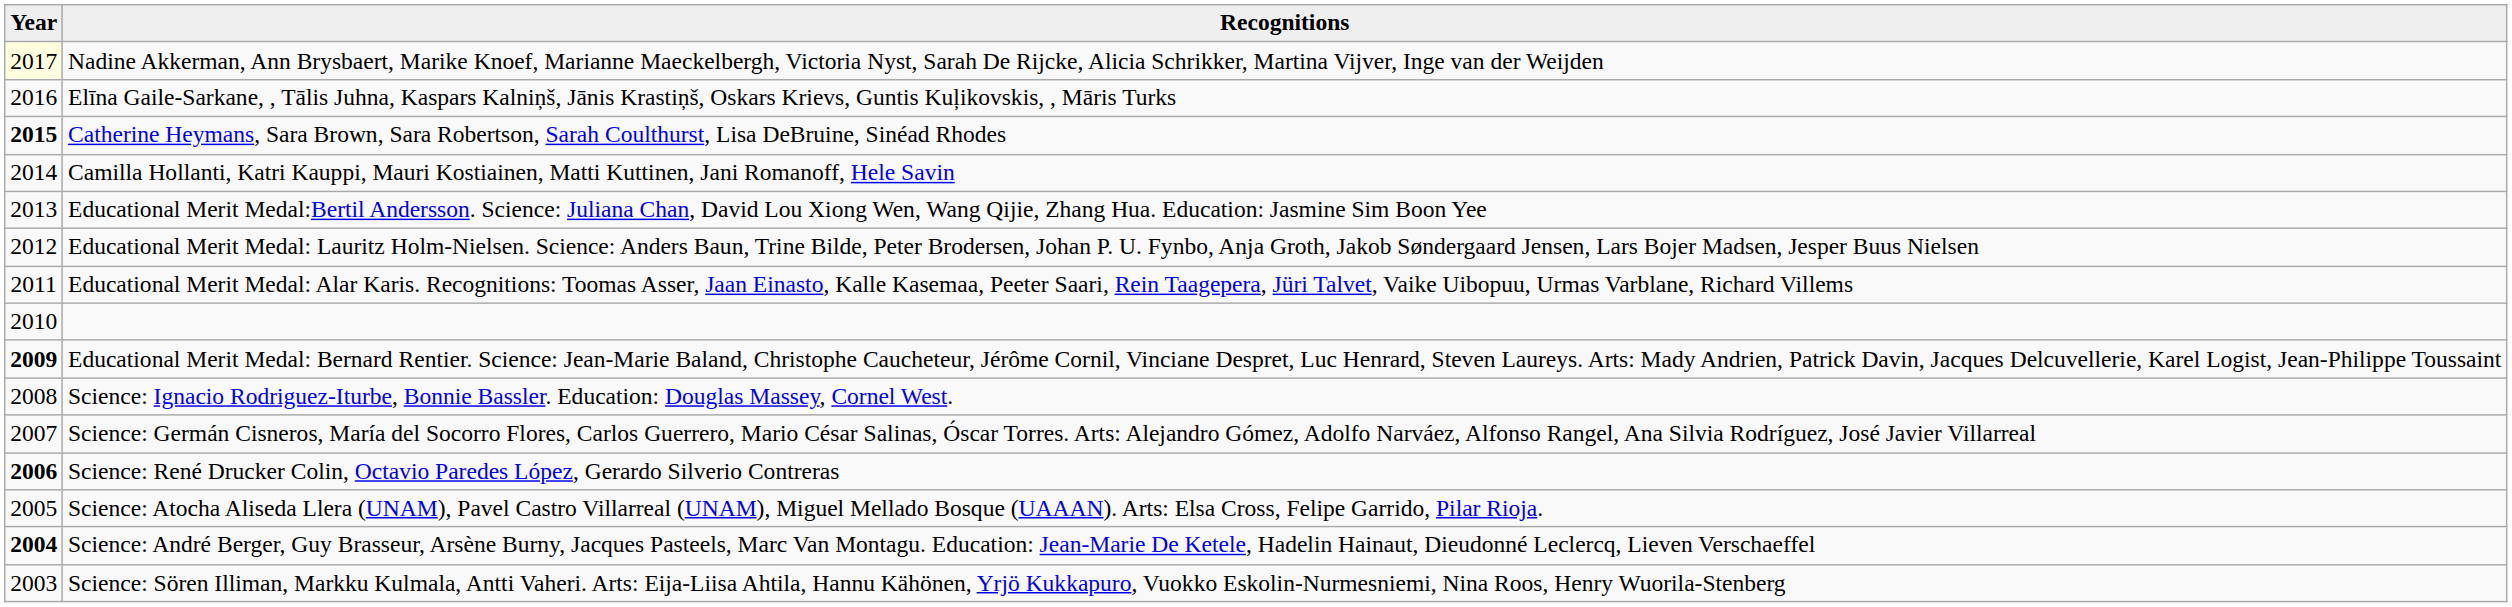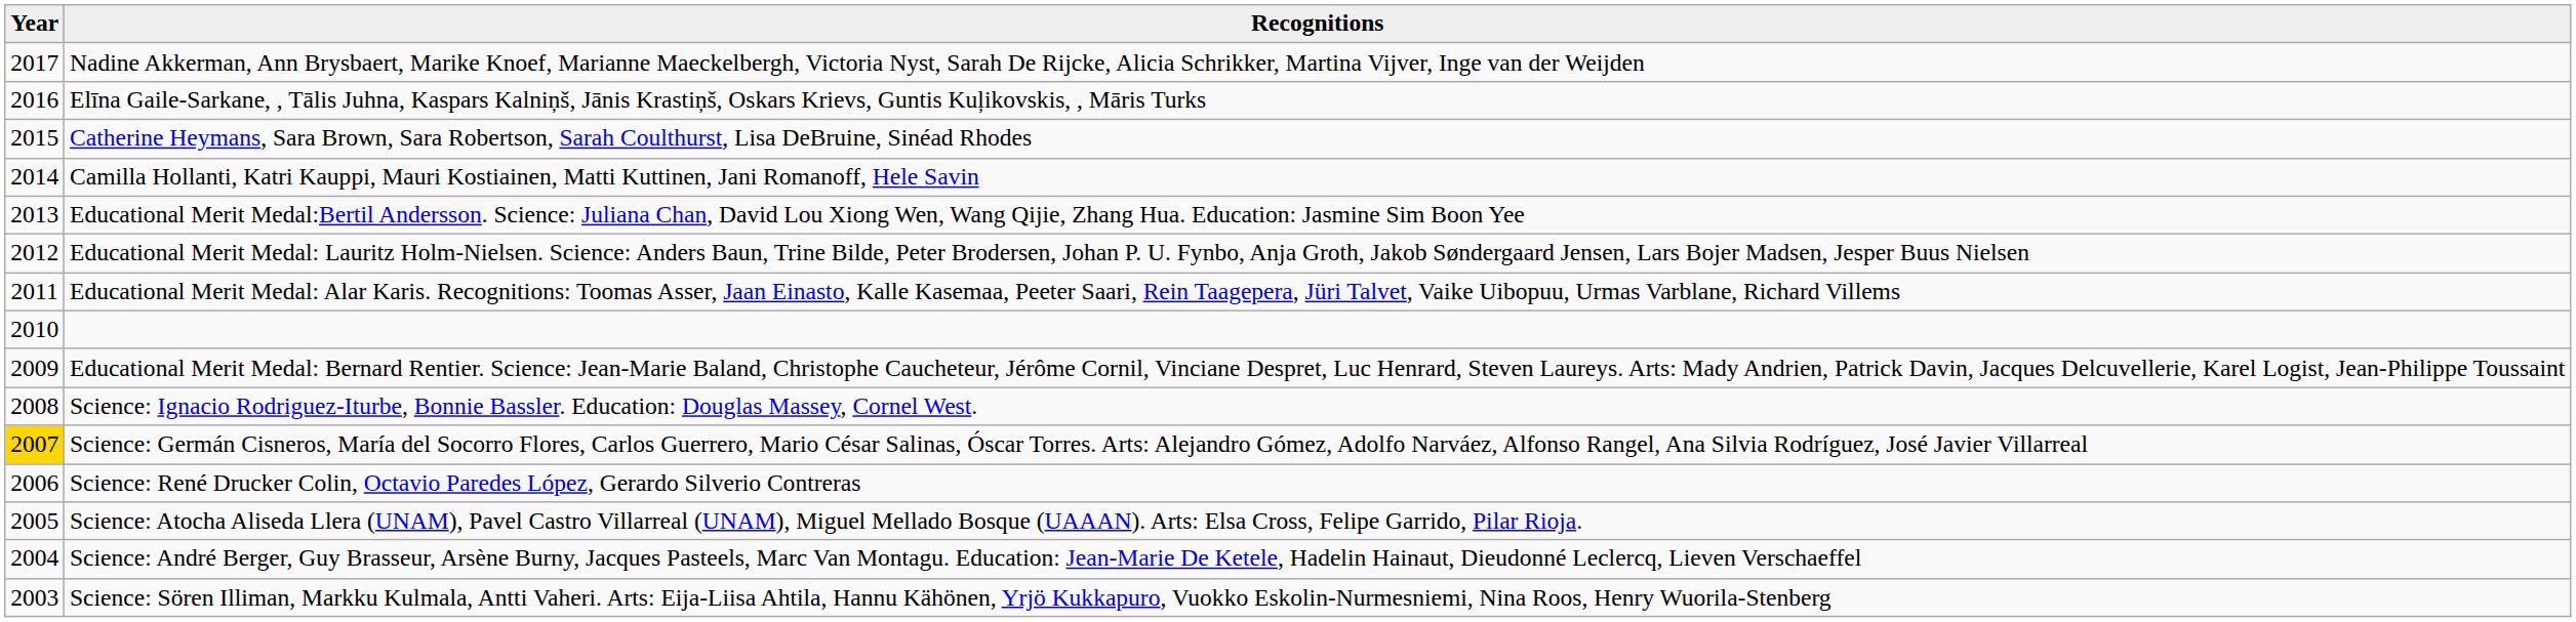 <table class="wikitable sortable">
 <tr>
 <th style="background:#efefef;">Year</th>
 <th style="background:#efefef;">Recognitions</th>
 </tr>
 <tr>
-<td style="background: lightyellow; text-align:center;">2017</td>
+<td style="text-align:center;">2017</td>
 <td>Nadine Akkerman, Ann Brysbaert, Marike Knoef, Marianne Maeckelbergh, Victoria Nyst, Sarah De Rijcke, Alicia Schrikker, Martina Vijver, Inge van der Weijden</td>
 </tr>
 <tr>
 <td style="text-align:center;">2016</td>
 <td>Elīna Gaile-Sarkane, , Tālis Juhna, Kaspars Kalniņš, Jānis Krastiņš, Oskars Krievs, Guntis Kuļikovskis, , Māris Turks</td>
 </tr>
 <tr>
-<td style="text-align:center;"><strong>2015</strong></td>
+<td style="text-align:center;">2015</td>
 <td><a href='#'>Catherine Heymans</a>, Sara Brown, Sara Robertson, <a href='#'>Sarah Coulthurst</a>, Lisa DeBruine, Sinéad Rhodes</td>
 </tr>
 <tr>
 <td style="text-align:center;">2014</td>
 <td>Camilla Hollanti, Katri Kauppi, Mauri Kostiainen, Matti Kuttinen, Jani Romanoff, <a href='#'>Hele Savin</a></td>
 </tr>
 <tr>
 <td style="text-align:center;">2013</td>
 <td>Educational Merit Medal:<a href='#'>Bertil Andersson</a>. Science: <a href='#'>Juliana Chan</a>, David Lou Xiong Wen, Wang Qijie, Zhang Hua. Education: Jasmine Sim Boon Yee</td>
 </tr>
 <tr>
 <td style="text-align:center;">2012</td>
 <td>Educational Merit Medal: Lauritz Holm-Nielsen. Science: Anders Baun, Trine Bilde, Peter Brodersen, Johan P. U. Fynbo, Anja Groth, Jakob Søndergaard Jensen, Lars Bojer Madsen, Jesper Buus Nielsen</td>
 </tr>
 <tr>
 <td style="text-align:center;">2011</td>
 <td>Educational Merit Medal: Alar Karis. Recognitions: Toomas Asser, <a href='#'>Jaan Einasto</a>, Kalle Kasemaa, Peeter Saari, <a href='#'>Rein Taagepera</a>, <a href='#'>Jüri Talvet</a>, Vaike Uibopuu, Urmas Varblane, Richard Villems</td>
 </tr>
 <tr>
 <td style="text-align:center;">2010</td>
 <td></td>
 </tr>
 <tr>
-<td style="text-align:center;"><strong>2009</strong></td>
+<td style="text-align:center;">2009</td>
 <td>Educational Merit Medal: Bernard Rentier. Science: Jean-Marie Baland, Christophe Caucheteur, Jérôme Cornil, Vinciane Despret, Luc Henrard, Steven Laureys. Arts: Mady Andrien, Patrick Davin, Jacques Delcuvellerie, Karel Logist, Jean-Philippe Toussaint</td>
 </tr>
 <tr>
 <td style="text-align:center;">2008</td>
 <td>Science: <a href='#'>Ignacio Rodriguez-Iturbe</a>, <a href='#'>Bonnie Bassler</a>. Education: <a href='#'>Douglas Massey</a>, <a href='#'>Cornel West</a>.</td>
 </tr>
 <tr>
-<td style="text-align:center;">2007</td>
+<td style="background: gold; text-align:center;">2007</td>
 <td>Science: Germán Cisneros, María del Socorro Flores, Carlos Guerrero, Mario César Salinas, Óscar Torres. Arts: Alejandro Gómez, Adolfo Narváez, Alfonso Rangel, Ana Silvia Rodríguez, José Javier Villarreal</td>
 </tr>
 <tr>
-<td style="text-align:center;"><strong>2006</strong></td>
+<td style="text-align:center;">2006</td>
 <td>Science: René Drucker Colin, <a href='#'>Octavio Paredes López</a>, Gerardo Silverio Contreras</td>
 </tr>
 <tr>
 <td style="text-align:center;">2005</td>
 <td>Science: Atocha Aliseda Llera (<a href='#'>UNAM</a>), Pavel Castro Villarreal (<a href='#'>UNAM</a>), Miguel Mellado Bosque (<a href='#'>UAAAN</a>). Arts: Elsa Cross, Felipe Garrido, <a href='#'>Pilar Rioja</a>.</td>
 </tr>
 <tr>
-<td style="text-align:center;"><strong>2004</strong></td>
+<td style="text-align:center;">2004</td>
 <td>Science: André Berger, Guy Brasseur, Arsène Burny, Jacques Pasteels, Marc Van Montagu. Education: <a href='#'>Jean-Marie De Ketele</a>, Hadelin Hainaut, Dieudonné Leclercq, Lieven Verschaeffel</td>
 </tr>
 <tr>
 <td style="text-align:center;">2003</td>
 <td>Science: Sören Illiman, Markku Kulmala, Antti Vaheri. Arts: Eija-Liisa Ahtila, Hannu Kähönen, <a href='#'>Yrjö Kukkapuro</a>, Vuokko Eskolin-Nurmesniemi, Nina Roos, Henry Wuorila-Stenberg</td>
 </tr>
 </table>
